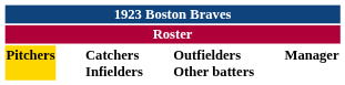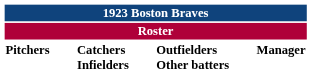 <table class="toccolours" style="font-size: 95%;">
 <tr>
 <th colspan="10" style="background-color: #0f437c; color: #FFFFFF; text-align: center;">1923 Boston Braves</th>
 </tr>
 <tr>
 <td colspan="10" style="background-color:#af0039; color: white; text-align: center;"><strong>Roster</strong></td>
 </tr>
 <tr>
-<td valign="top" style="background: gold;"><strong>Pitchers</strong><br>           </td>
+<td valign="top"><strong>Pitchers</strong><br>           </td>
 <td width="25px"></td>
 <td valign="top"><strong>Catchers</strong><br>     <strong>Infielders</strong>        </td>
 <td width="25px"></td>
 <td valign="top"><strong>Outfielders</strong><br>       <strong>Other batters</strong> </td>
 <td width="25px"></td>
 <td valign="top"><strong>Manager</strong><br></td>
 </tr>
 </table>
